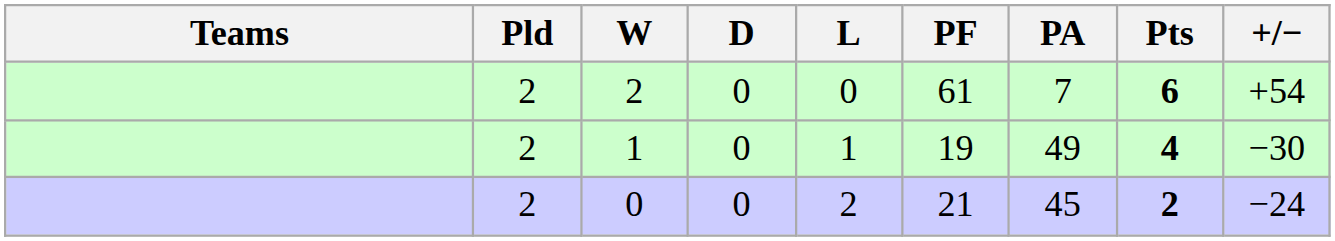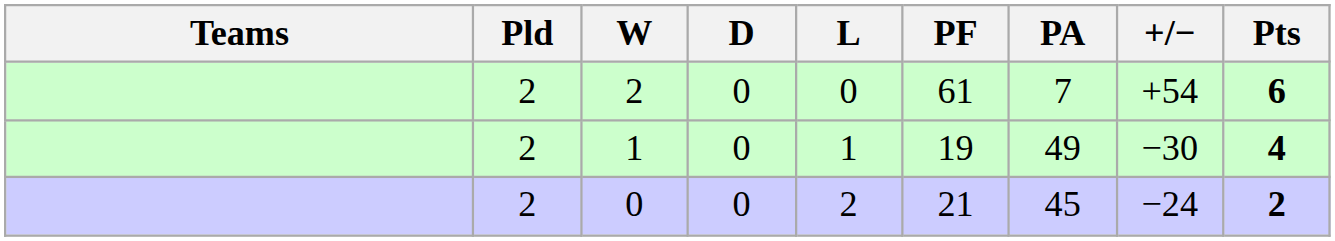 <table class="wikitable" style="text-align: center;">
 <tr>
 <th width="200">Teams</th>
 <th width="40">Pld</th>
 <th width="40">W</th>
 <th width="40">D</th>
 <th width="40">L</th>
 <th width="40">PF</th>
 <th width="40">PA</th>
+<th width="40">+/−</th>
 <th width="40">Pts</th>
-<th width="40">+/−</th>
 </tr>
 <tr bgcolor=ccffcc>
 <td align=left></td>
 <td>2</td>
 <td>2</td>
 <td>0</td>
 <td>0</td>
 <td>61</td>
 <td>7</td>
+<td>+54</td>
 <td><strong>6</strong></td>
-<td>+54</td>
 </tr>
 <tr bgcolor=ccffcc>
 <td align=left></td>
 <td>2</td>
 <td>1</td>
 <td>0</td>
 <td>1</td>
 <td>19</td>
 <td>49</td>
+<td>−30</td>
 <td><strong>4</strong></td>
-<td>−30</td>
 </tr>
 <tr bgcolor=ccccff>
 <td align=left></td>
 <td>2</td>
 <td>0</td>
 <td>0</td>
 <td>2</td>
 <td>21</td>
 <td>45</td>
+<td>−24</td>
 <td><strong>2</strong></td>
-<td>−24</td>
 </tr>
 </table>
